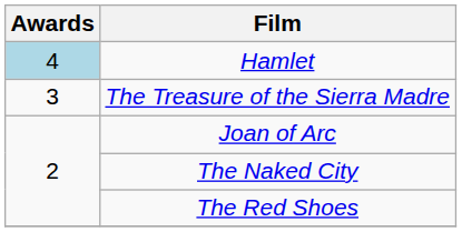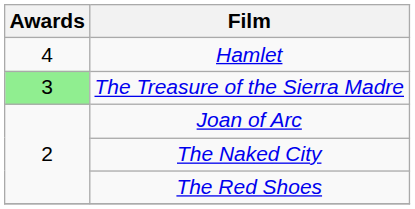 <table class="wikitable" rowspan="2" style="text-align:center;">
 <tr>
 <th scope="col" style="width:55px;">Awards</th>
 <th scope="col" style="text-align:center;">Film</th>
 </tr>
 <tr>
-<td rowspan=1, style="background: lightblue; text-align:center">4</td>
+<td rowspan=1, style="text-align:center">4</td>
 <td><em><a href='#'>Hamlet</a></em></td>
 </tr>
 <tr>
-<td rowspan=1, style="text-align:center">3</td>
+<td rowspan=1, style="background: lightgreen; text-align:center">3</td>
 <td><em><a href='#'>The Treasure of the Sierra Madre</a></em></td>
 </tr>
 <tr>
 <td rowspan=3, style="text-align:center">2</td>
 <td><em><a href='#'>Joan of Arc</a></em></td>
 </tr>
 <tr>
 <td><em><a href='#'>The Naked City</a></em></td>
 </tr>
 <tr>
 <td><em><a href='#'>The Red Shoes</a></em></td>
 </tr>
 <tr>
 </tr>
 </table>
